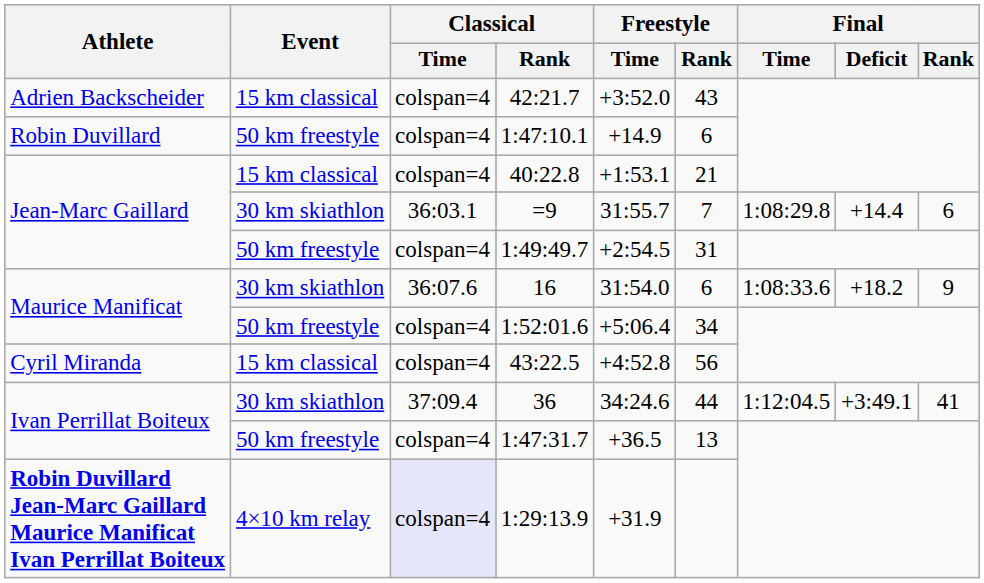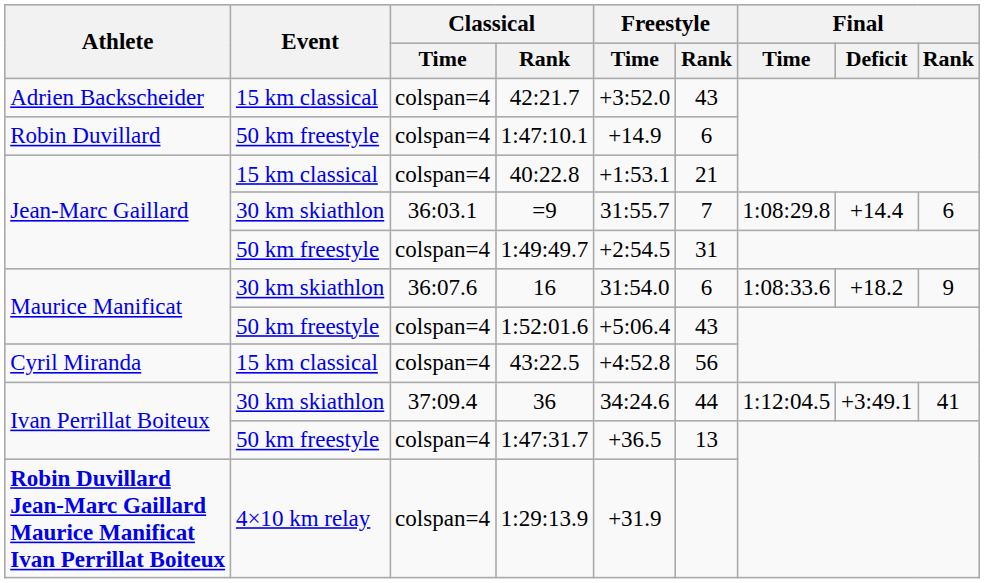 <table class="wikitable" style="font-size:90%">
 <tr>
 <th rowspan=2>Athlete</th>
 <th rowspan=2>Event</th>
 <th colspan=2>Classical</th>
 <th colspan=2>Freestyle</th>
 <th colspan=3>Final</th>
 </tr>
 <tr style="font-size: 95%">
 <th>Time</th>
 <th>Rank</th>
 <th>Time</th>
 <th>Rank</th>
 <th>Time</th>
 <th>Deficit</th>
 <th>Rank</th>
 </tr>
 <tr align=center>
 <td align=left><a href='#'>Adrien Backscheider</a></td>
 <td align=left><a href='#'>15 km classical</a></td>
 <td>colspan=4 </td>
 <td>42:21.7</td>
 <td>+3:52.0</td>
 <td>43</td>
 </tr>
 <tr align=center>
 <td align=left><a href='#'>Robin Duvillard</a></td>
 <td align=left><a href='#'>50 km freestyle</a></td>
 <td>colspan=4 </td>
 <td>1:47:10.1</td>
 <td>+14.9</td>
 <td>6</td>
 </tr>
 <tr align=center>
 <td align=left rowspan=3><a href='#'>Jean-Marc Gaillard</a></td>
 <td align=left><a href='#'>15 km classical</a></td>
 <td>colspan=4 </td>
 <td>40:22.8</td>
 <td>+1:53.1</td>
 <td>21</td>
 </tr>
 <tr align=center>
 <td align=left><a href='#'>30 km skiathlon</a></td>
 <td>36:03.1</td>
 <td>=9</td>
 <td>31:55.7</td>
 <td>7</td>
 <td>1:08:29.8</td>
 <td>+14.4</td>
 <td>6</td>
 </tr>
 <tr align=center>
 <td align=left><a href='#'>50 km freestyle</a></td>
 <td>colspan=4 </td>
 <td>1:49:49.7</td>
 <td>+2:54.5</td>
 <td>31</td>
 </tr>
 <tr align=center>
 <td align=left rowspan=2><a href='#'>Maurice Manificat</a></td>
 <td align=left><a href='#'>30 km skiathlon</a></td>
 <td>36:07.6</td>
 <td>16</td>
 <td>31:54.0</td>
 <td>6</td>
 <td>1:08:33.6</td>
 <td>+18.2</td>
 <td>9</td>
 </tr>
 <tr align=center>
 <td align=left><a href='#'>50 km freestyle</a></td>
 <td>colspan=4 </td>
 <td>1:52:01.6</td>
 <td>+5:06.4</td>
-<td>34</td>
+<td>43</td>
 </tr>
 <tr align=center>
 <td align=left><a href='#'>Cyril Miranda</a></td>
 <td align=left><a href='#'>15 km classical</a></td>
 <td>colspan=4 </td>
 <td>43:22.5</td>
 <td>+4:52.8</td>
 <td>56</td>
 </tr>
 <tr align=center>
 <td align=left rowspan=2><a href='#'>Ivan Perrillat Boiteux</a></td>
 <td align=left><a href='#'>30 km skiathlon</a></td>
 <td>37:09.4</td>
 <td>36</td>
 <td>34:24.6</td>
 <td>44</td>
 <td>1:12:04.5</td>
 <td>+3:49.1</td>
 <td>41</td>
 </tr>
 <tr align=center>
 <td align=left><a href='#'>50 km freestyle</a></td>
 <td>colspan=4 </td>
 <td>1:47:31.7</td>
 <td>+36.5</td>
 <td>13</td>
 </tr>
 <tr align=center>
 <td align=left><strong><a href='#'>Robin Duvillard</a><br><a href='#'>Jean-Marc Gaillard</a><br><a href='#'>Maurice Manificat</a><br><a href='#'>Ivan Perrillat Boiteux</a></strong></td>
 <td align=left><a href='#'>4×10 km relay</a></td>
-<td style="background: lavender;">colspan=4 </td>
+<td>colspan=4 </td>
 <td>1:29:13.9</td>
 <td>+31.9</td>
 <td></td>
 </tr>
 </table>
